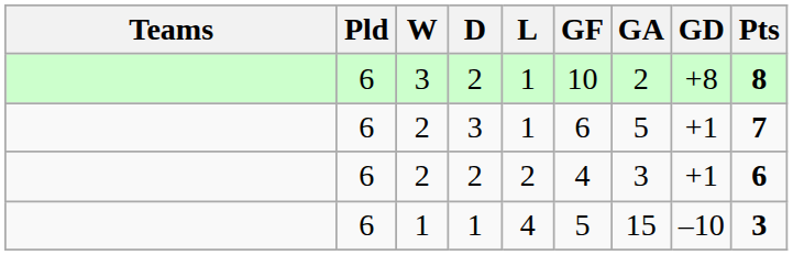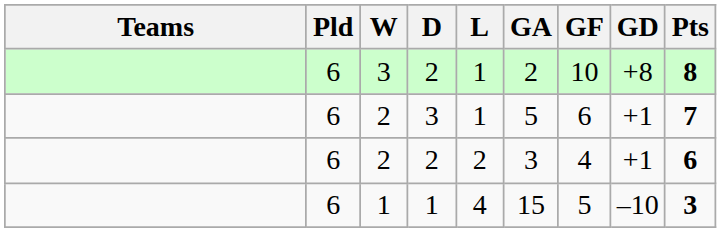 <table class="wikitable" style="text-align: center;">
 <tr>
 <th width=165>Teams</th>
 <th width=20>Pld</th>
 <th width=20>W</th>
 <th width=20>D</th>
 <th width=20>L</th>
+<th width=20>GA</th>
 <th width=20>GF</th>
-<th width=20>GA</th>
 <th width=20>GD</th>
 <th width=20>Pts</th>
 </tr>
 <tr align=center style="background:#ccffcc;">
 <td style="text-align:left;"></td>
 <td>6</td>
 <td>3</td>
 <td>2</td>
 <td>1</td>
+<td>2</td>
 <td>10</td>
-<td>2</td>
 <td>+8</td>
 <td><strong>8</strong></td>
 </tr>
 <tr align=center>
 <td style="text-align:left;"></td>
 <td>6</td>
 <td>2</td>
 <td>3</td>
 <td>1</td>
+<td>5</td>
 <td>6</td>
-<td>5</td>
 <td>+1</td>
 <td><strong>7</strong></td>
 </tr>
 <tr align=center>
 <td style="text-align:left;"></td>
 <td>6</td>
 <td>2</td>
 <td>2</td>
 <td>2</td>
+<td>3</td>
 <td>4</td>
-<td>3</td>
 <td>+1</td>
 <td><strong>6</strong></td>
 </tr>
 <tr align=center>
 <td style="text-align:left;"></td>
 <td>6</td>
 <td>1</td>
 <td>1</td>
 <td>4</td>
+<td>15</td>
 <td>5</td>
-<td>15</td>
 <td>–10</td>
 <td><strong>3</strong></td>
 </tr>
 </table>
